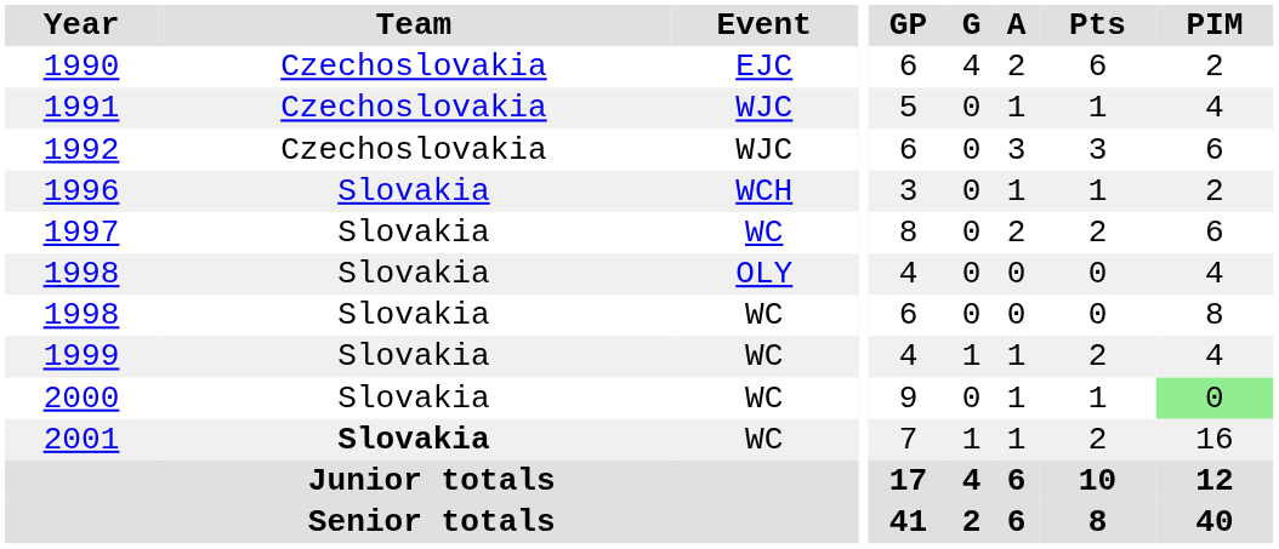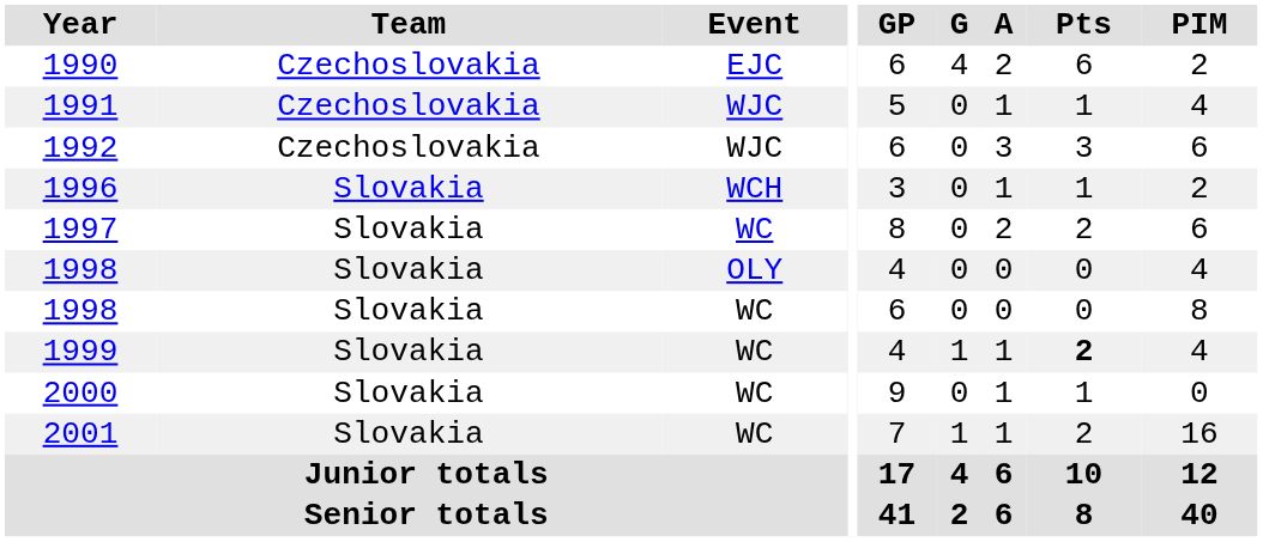 <table border="0" cellpadding="1" cellspacing="0" ID="Table3" style="text-align:center; width:40em">
 <tr bgcolor="#e0e0e0">
 <th>Year</th>
 <th>Team</th>
 <th>Event</th>
 <th rowspan="102" bgcolor="#ffffff"></th>
 <th>GP</th>
 <th>G</th>
 <th>A</th>
 <th>Pts</th>
 <th>PIM</th>
 </tr>
 <tr>
 <td><a href='#'>1990</a></td>
 <td><a href='#'>Czechoslovakia</a></td>
 <td><a href='#'>EJC</a></td>
 <td>6</td>
 <td>4</td>
 <td>2</td>
 <td>6</td>
 <td>2</td>
 </tr>
 <tr bgcolor="#f0f0f0">
 <td><a href='#'>1991</a></td>
 <td><a href='#'>Czechoslovakia</a></td>
 <td><a href='#'>WJC</a></td>
 <td>5</td>
 <td>0</td>
 <td>1</td>
 <td>1</td>
 <td>4</td>
 </tr>
 <tr>
 <td><a href='#'>1992</a></td>
 <td>Czechoslovakia</td>
 <td>WJC</td>
 <td>6</td>
 <td>0</td>
 <td>3</td>
 <td>3</td>
 <td>6</td>
 </tr>
 <tr bgcolor="#f0f0f0">
 <td><a href='#'>1996</a></td>
 <td><a href='#'>Slovakia</a></td>
 <td><a href='#'>WCH</a></td>
 <td>3</td>
 <td>0</td>
 <td>1</td>
 <td>1</td>
 <td>2</td>
 </tr>
 <tr>
 <td><a href='#'>1997</a></td>
 <td>Slovakia</td>
 <td><a href='#'>WC</a></td>
 <td>8</td>
 <td>0</td>
 <td>2</td>
 <td>2</td>
 <td>6</td>
 </tr>
 <tr bgcolor="#f0f0f0">
 <td><a href='#'>1998</a></td>
 <td>Slovakia</td>
 <td><a href='#'>OLY</a></td>
 <td>4</td>
 <td>0</td>
 <td>0</td>
 <td>0</td>
 <td>4</td>
 </tr>
 <tr>
 <td><a href='#'>1998</a></td>
 <td>Slovakia</td>
 <td>WC</td>
 <td>6</td>
 <td>0</td>
 <td>0</td>
 <td>0</td>
 <td>8</td>
 </tr>
 <tr bgcolor="#f0f0f0">
 <td><a href='#'>1999</a></td>
 <td>Slovakia</td>
 <td>WC</td>
 <td>4</td>
 <td>1</td>
 <td>1</td>
-<td>2</td>
+<td><strong>2</strong></td>
 <td>4</td>
 </tr>
 <tr>
 <td><a href='#'>2000</a></td>
 <td>Slovakia</td>
 <td>WC</td>
 <td>9</td>
 <td>0</td>
 <td>1</td>
 <td>1</td>
-<td style="background: lightgreen;">0</td>
+<td>0</td>
 </tr>
 <tr bgcolor="#f0f0f0">
 <td><a href='#'>2001</a></td>
-<td><strong>Slovakia</strong></td>
+<td>Slovakia</td>
 <td>WC</td>
 <td>7</td>
 <td>1</td>
 <td>1</td>
 <td>2</td>
 <td>16</td>
 </tr>
 <tr bgcolor="#e0e0e0">
 <th colspan="3">Junior totals</th>
 <th>17</th>
 <th>4</th>
 <th>6</th>
 <th>10</th>
 <th>12</th>
 </tr>
 <tr bgcolor="#e0e0e0">
 <th colspan="3">Senior totals</th>
 <th>41</th>
 <th>2</th>
 <th>6</th>
 <th>8</th>
 <th>40</th>
 </tr>
 </table>
